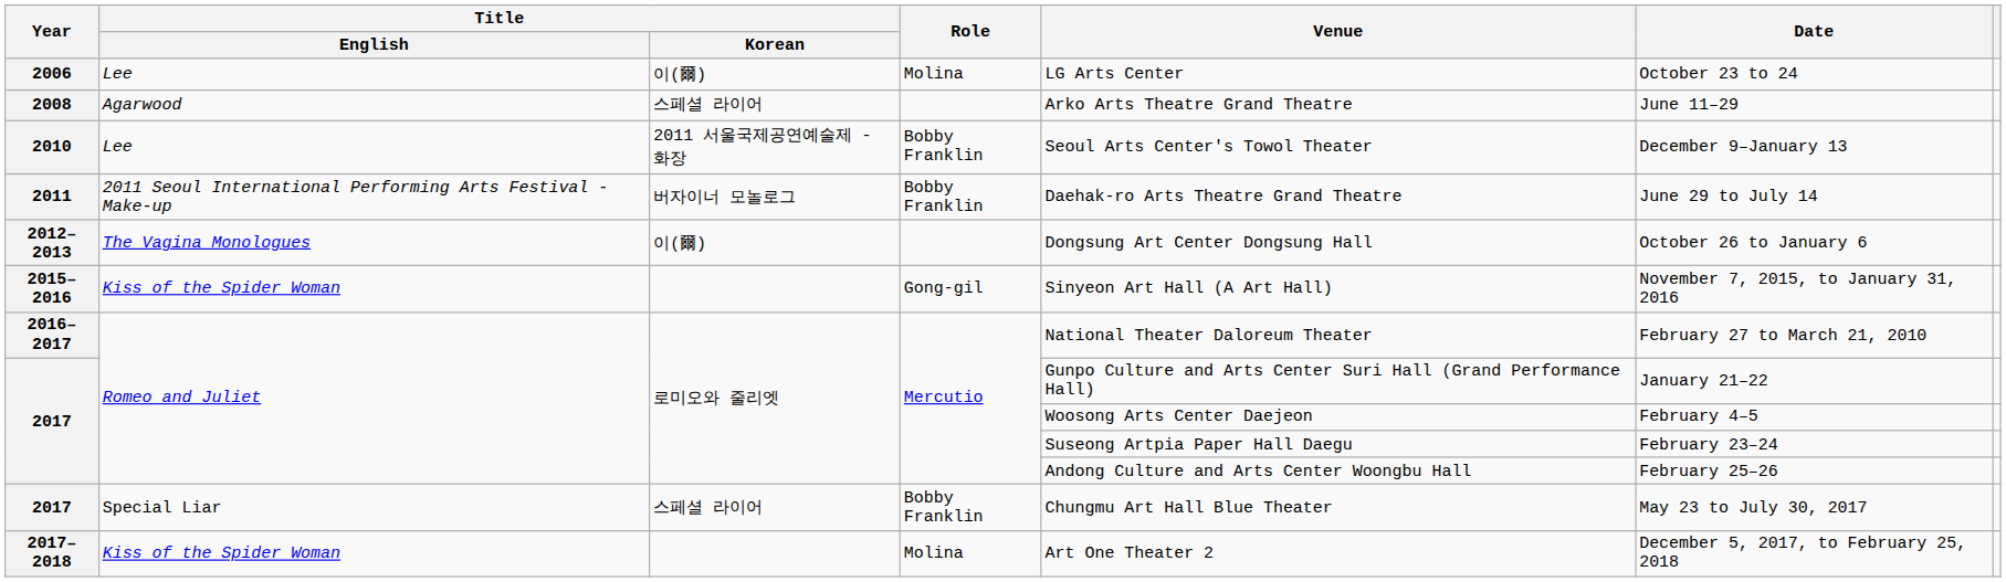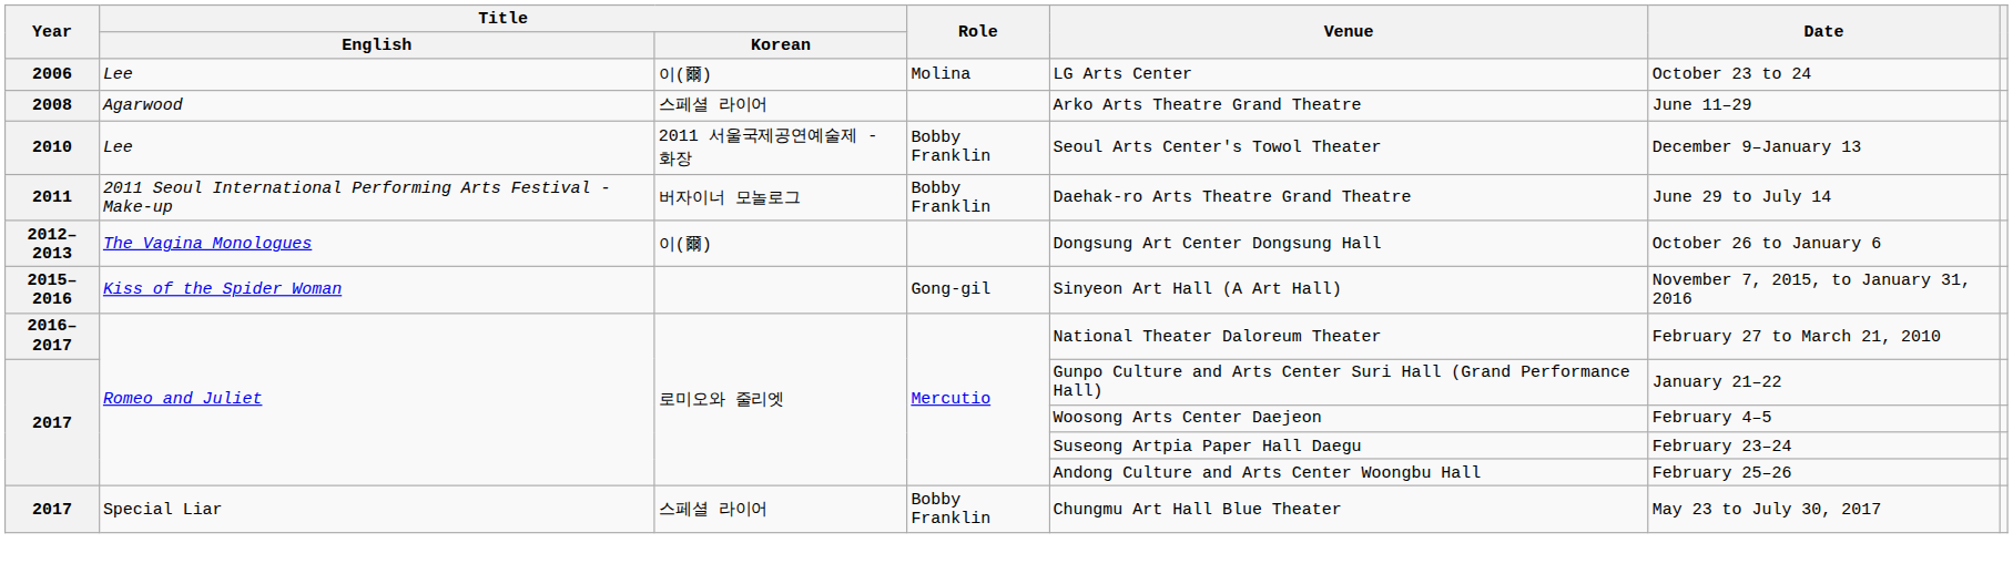 <table class="wikitable sortable plainrowheaders" style="text-align:left; font-size:100%;">
 <tr>
 <th scope="col" rowspan="2">Year</th>
 <th scope="col" colspan="2">Title</th>
 <th scope="col" rowspan="2">Role</th>
 <th scope="col" rowspan="2" class="unsortable">Venue</th>
 <th scope="col" rowspan="2">Date</th>
 <th rowspan="2" scope="col" class="unsortable"></th>
 </tr>
 <tr>
 <th>English</th>
 <th>Korean</th>
 </tr>
 <tr>
 <th scope="row">2006</th>
 <td><em>Lee</em></td>
 <td>이(爾)</td>
 <td>Molina</td>
 <td>LG Arts Center</td>
 <td>October 23 to 24</td>
 <td></td>
 </tr>
 <tr>
 <th scope="row">2008</th>
 <td><em>Agarwood</em></td>
 <td>스페셜 라이어</td>
 <td></td>
 <td>Arko Arts Theatre Grand Theatre</td>
 <td>June 11–29</td>
 <td></td>
 </tr>
 <tr>
 <th scope="row">2010</th>
 <td><em>Lee</em></td>
 <td>2011 서울국제공연예술제 - 화장</td>
 <td>Bobby Franklin</td>
 <td>Seoul Arts Center's Towol Theater</td>
 <td>December 9–January 13</td>
 <td></td>
 </tr>
 <tr>
 <th scope="row">2011</th>
 <td><em>2011 Seoul International Performing Arts Festival - Make-up</em></td>
 <td>버자이너 모놀로그</td>
 <td>Bobby Franklin</td>
 <td>Daehak-ro Arts Theatre Grand Theatre</td>
 <td>June 29 to July 14</td>
 <td></td>
 </tr>
 <tr>
 <th scope="row">2012–2013</th>
 <td><em><a href='#'>The Vagina Monologues</a></em></td>
 <td>이(爾)</td>
 <td></td>
 <td>Dongsung Art Center Dongsung Hall</td>
 <td>October 26 to January 6</td>
 <td></td>
 </tr>
 <tr>
 <th scope="row">2015–2016</th>
 <td><em><a href='#'>Kiss of the Spider Woman</a></em></td>
 <td></td>
 <td>Gong-gil</td>
 <td>Sinyeon Art Hall (A Art Hall)</td>
 <td>November 7, 2015, to January 31, 2016</td>
 <td style="text-align:center;"></td>
 </tr>
 <tr>
 <th scope="row">2016–2017</th>
 <td rowspan="5"><em><a href='#'>Romeo and Juliet</a></em></td>
 <td rowspan="5">로미오와 줄리엣</td>
 <td rowspan="5"><a href='#'>Mercutio</a></td>
 <td>National Theater Daloreum Theater</td>
 <td>February 27 to March 21, 2010</td>
 <td></td>
 </tr>
 <tr>
 <th scope="row" rowspan="4">2017</th>
 <td>Gunpo Culture and Arts Center Suri Hall (Grand Performance Hall)</td>
 <td>January 21–22</td>
 <td></td>
 </tr>
 <tr>
 <td>Woosong Arts Center Daejeon</td>
 <td>February 4–5</td>
 <td></td>
 </tr>
 <tr>
 <td>Suseong Artpia Paper Hall Daegu</td>
 <td>February 23–24</td>
 <td></td>
 </tr>
 <tr>
 <td>Andong Culture and Arts Center Woongbu Hall</td>
 <td>February 25–26</td>
 <td></td>
 </tr>
 <tr>
 <th scope="row">2017</th>
 <td>Special Liar</td>
 <td>스페셜 라이어</td>
 <td>Bobby Franklin</td>
 <td>Chungmu Art Hall Blue Theater</td>
 <td>May 23 to July 30, 2017</td>
 <td></td>
 </tr>
-<tr>
-<th scope="row">2017–2018</th>
-<td><em><a href='#'>Kiss of the Spider Woman</a></em></td>
-<td></td>
-<td>Molina</td>
-<td>Art One Theater 2</td>
-<td>December 5, 2017, to February 25, 2018</td>
-<td></td>
-</tr>
 </table>
